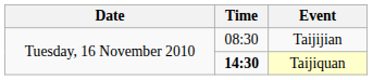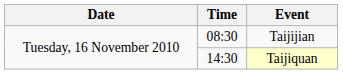 <table class = "wikitable" style="text-align:center;">
 <tr>
 <th width=220>Date</th>
 <th width=50>Time</th>
 <th width=100>Event</th>
 </tr>
 <tr>
 <td rowspan=2>Tuesday, 16 November 2010</td>
 <td>08:30</td>
 <td>Taijijian</td>
 </tr>
 <tr>
-<td><strong>14:30</strong></td>
+<td>14:30</td>
 <td bgcolor=ffffcc>Taijiquan</td>
 </tr>
 </table>
